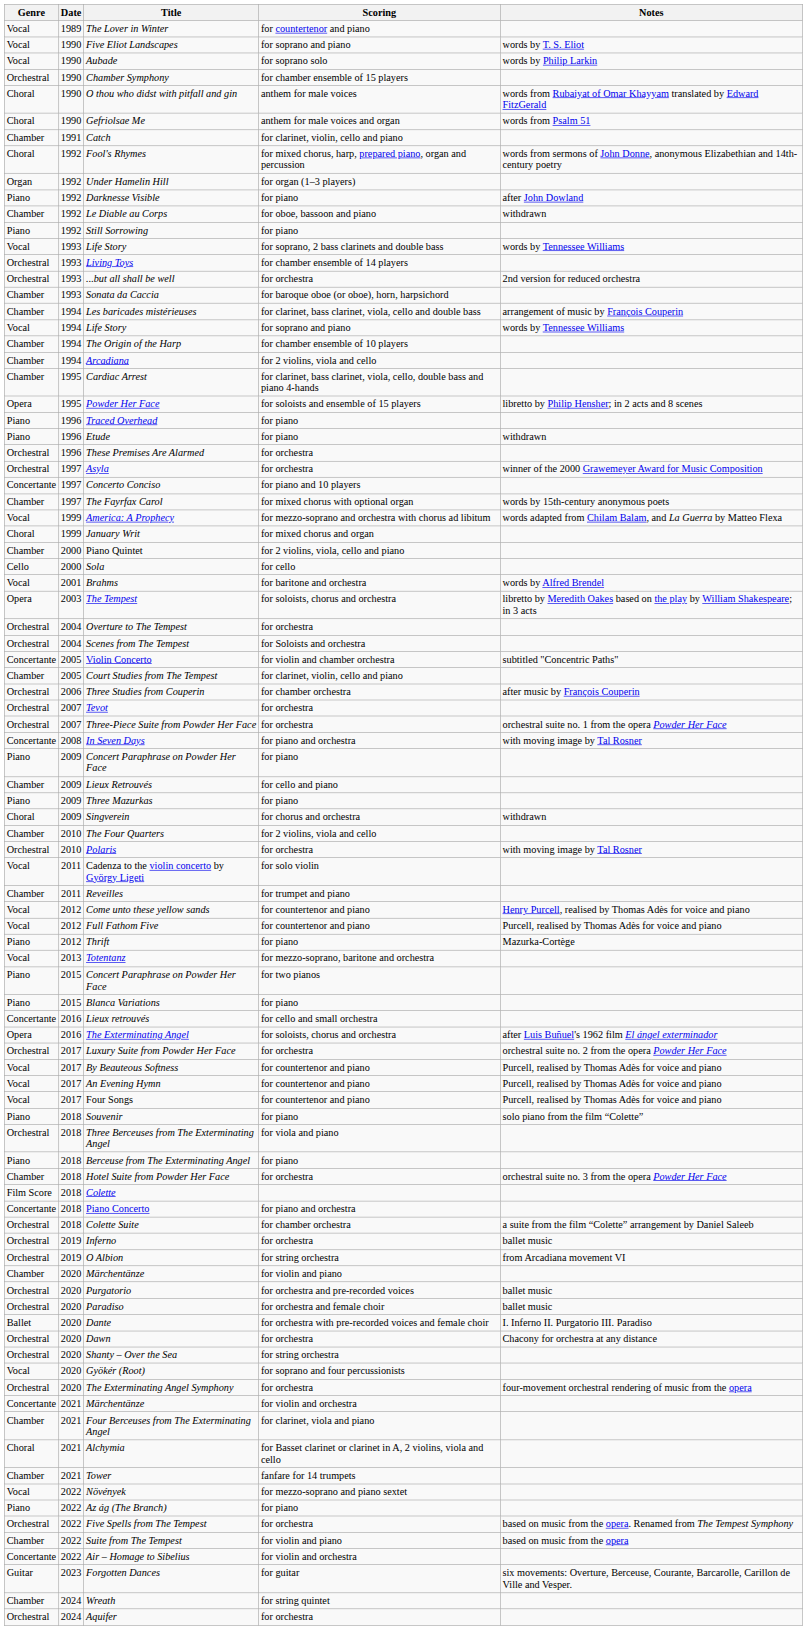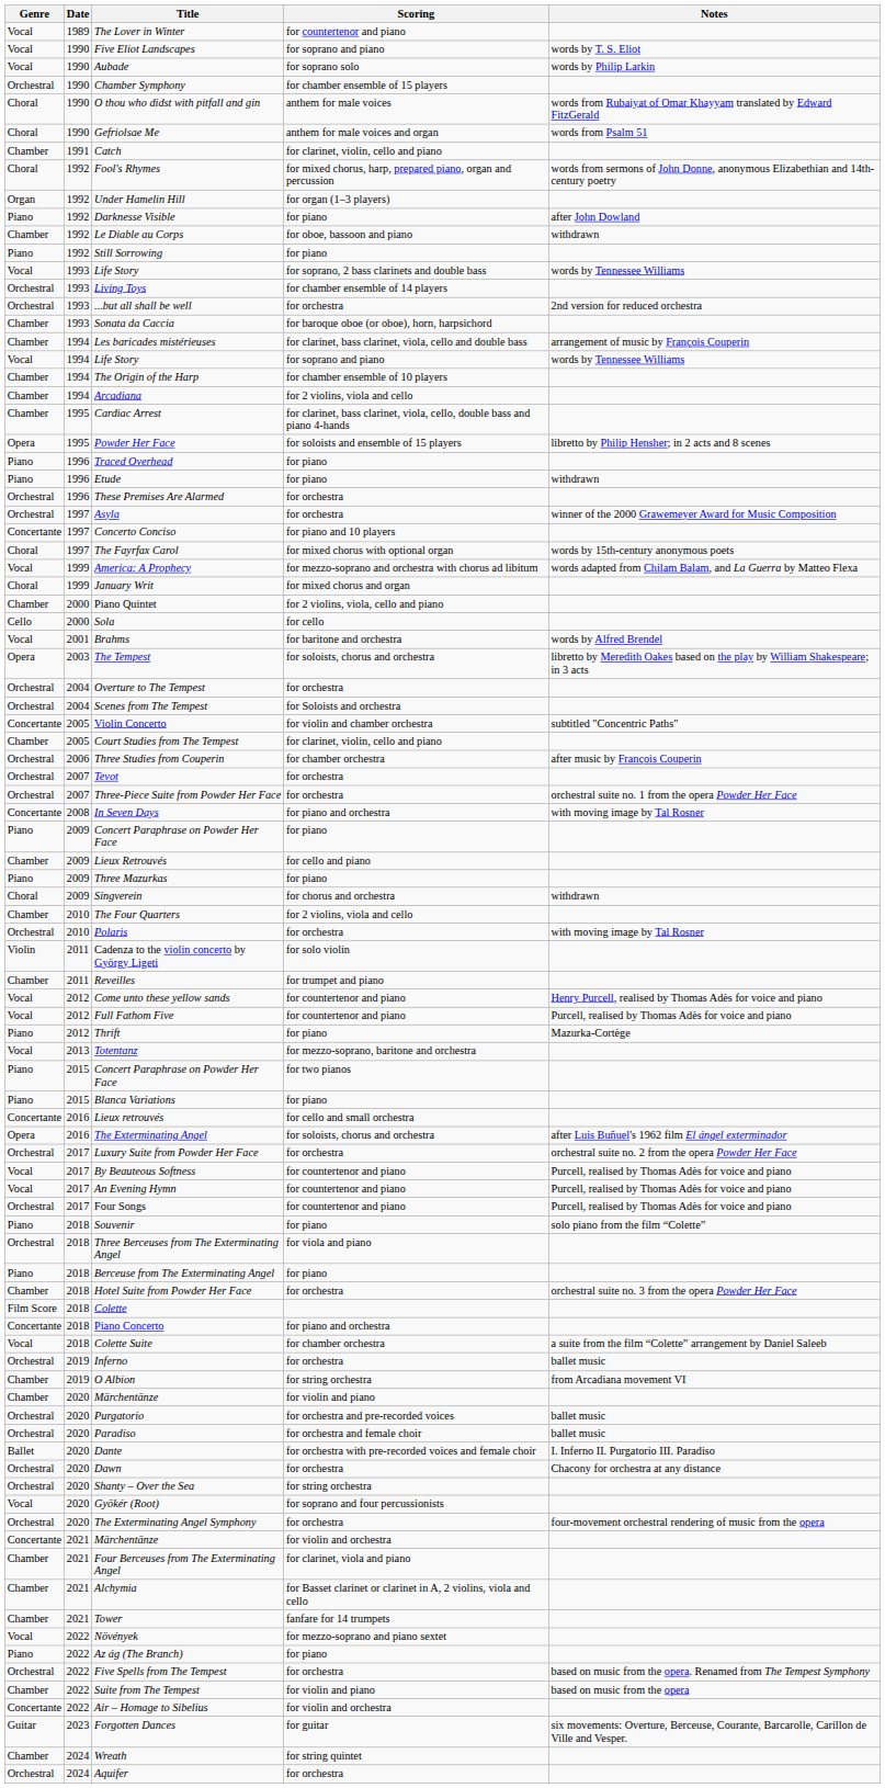 <table class="sortable wikitable" style="margins:auto; width=95%;">
 <tr>
 <th>Genre</th>
 <th>Date</th>
 <th>Title</th>
 <th>Scoring</th>
 <th>Notes</th>
 </tr>
 <tr valign="top">
 <td>Vocal</td>
 <td align=center>1989</td>
 <td><em>The Lover in Winter</em></td>
 <td>for <a href='#'>countertenor</a> and piano</td>
 <td></td>
 </tr>
 <tr valign="top">
 <td>Vocal</td>
 <td align=center>1990</td>
 <td><em>Five Eliot Landscapes</em></td>
 <td>for soprano and piano</td>
 <td>words by <a href='#'>T. S. Eliot</a></td>
 </tr>
 <tr valign="top">
 <td>Vocal</td>
 <td align=center>1990</td>
 <td><em>Aubade</em></td>
 <td>for soprano solo</td>
 <td>words by <a href='#'>Philip Larkin</a></td>
 </tr>
 <tr valign="top">
 <td>Orchestral</td>
 <td align=center>1990</td>
 <td><em>Chamber Symphony</em></td>
 <td>for chamber ensemble of 15 players</td>
 <td></td>
 </tr>
 <tr valign="top">
 <td>Choral</td>
 <td align=center>1990</td>
 <td><em>O thou who didst with pitfall and gin</em></td>
 <td>anthem for male voices</td>
 <td>words from <a href='#'>Rubaiyat of Omar Khayyam</a> translated by <a href='#'>Edward FitzGerald</a></td>
 </tr>
 <tr valign="top">
 <td>Choral</td>
 <td align=center>1990</td>
 <td><em>Gefriolsae Me</em></td>
 <td>anthem for male voices and organ</td>
 <td>words from <a href='#'>Psalm 51</a></td>
 </tr>
 <tr valign="top">
 <td>Chamber</td>
 <td align=center>1991</td>
 <td><em>Catch</em></td>
 <td>for clarinet, violin, cello and piano</td>
 <td></td>
 </tr>
 <tr valign="top">
 <td>Choral</td>
 <td align=center>1992</td>
 <td><em>Fool's Rhymes</em></td>
 <td>for mixed chorus, harp, <a href='#'>prepared piano</a>, organ and percussion</td>
 <td>words from sermons of <a href='#'>John Donne</a>, anonymous Elizabethian and 14th-century poetry</td>
 </tr>
 <tr valign="top">
 <td>Organ</td>
 <td align=center>1992</td>
 <td><em>Under Hamelin Hill</em></td>
 <td>for organ (1–3 players)</td>
 <td></td>
 </tr>
 <tr valign="top">
 <td>Piano</td>
 <td align=center>1992</td>
 <td><em>Darknesse Visible</em></td>
 <td>for piano</td>
 <td>after <a href='#'>John Dowland</a></td>
 </tr>
 <tr valign="top">
 <td>Chamber</td>
 <td align=center>1992</td>
 <td><em>Le Diable au Corps</em></td>
 <td>for oboe, bassoon and piano</td>
 <td>withdrawn</td>
 </tr>
 <tr valign="top">
 <td>Piano</td>
 <td align=center>1992</td>
 <td><em>Still Sorrowing</em></td>
 <td>for piano</td>
 <td></td>
 </tr>
 <tr valign="top">
 <td>Vocal</td>
 <td align=center>1993</td>
 <td><em>Life Story</em></td>
 <td>for soprano, 2 bass clarinets and double bass</td>
 <td>words by <a href='#'>Tennessee Williams</a></td>
 </tr>
 <tr valign="top">
 <td>Orchestral</td>
 <td align=center>1993</td>
 <td><em><a href='#'>Living Toys</a></em></td>
 <td>for chamber ensemble of 14 players</td>
 <td></td>
 </tr>
 <tr valign="top">
 <td>Orchestral</td>
 <td align=center>1993</td>
 <td><em>...but all shall be well</em></td>
 <td>for orchestra</td>
 <td>2nd version for reduced orchestra</td>
 </tr>
 <tr valign="top">
 <td>Chamber</td>
 <td align=center>1993</td>
 <td><em>Sonata da Caccia</em></td>
 <td>for baroque oboe (or oboe), horn, harpsichord</td>
 <td></td>
 </tr>
 <tr valign="top">
 <td>Chamber</td>
 <td align=center>1994</td>
 <td><em>Les baricades mistérieuses</em></td>
 <td>for clarinet, bass clarinet, viola, cello and double bass</td>
 <td>arrangement of music by <a href='#'>François Couperin</a></td>
 </tr>
 <tr valign="top">
 <td>Vocal</td>
 <td align=center>1994</td>
 <td><em>Life Story</em></td>
 <td>for soprano and piano</td>
 <td>words by <a href='#'>Tennessee Williams</a></td>
 </tr>
 <tr valign="top">
 <td>Chamber</td>
 <td align=center>1994</td>
 <td><em>The Origin of the Harp</em></td>
 <td>for chamber ensemble of 10 players</td>
 <td></td>
 </tr>
 <tr valign="top">
 <td>Chamber</td>
 <td align=center>1994</td>
 <td><em><a href='#'>Arcadiana</a></em></td>
 <td>for 2 violins, viola and cello</td>
 <td></td>
 </tr>
 <tr valign="top">
 <td>Chamber</td>
 <td align=center>1995</td>
 <td><em>Cardiac Arrest</em></td>
 <td>for clarinet, bass clarinet, viola, cello, double bass and piano 4-hands</td>
 <td></td>
 </tr>
 <tr valign="top">
 <td>Opera</td>
 <td align=center>1995</td>
 <td><em><a href='#'>Powder Her Face</a></em></td>
 <td>for soloists and ensemble of 15 players</td>
 <td>libretto by <a href='#'>Philip Hensher</a>; in 2 acts and 8 scenes</td>
 </tr>
 <tr valign="top">
 <td>Piano</td>
 <td align=center>1996</td>
 <td><em><a href='#'>Traced Overhead</a></em></td>
 <td>for piano</td>
 <td></td>
 </tr>
 <tr valign="top">
 <td>Piano</td>
 <td align=center>1996</td>
 <td><em>Etude</em></td>
 <td>for piano</td>
 <td>withdrawn</td>
 </tr>
 <tr valign="top">
 <td>Orchestral</td>
 <td align=center>1996</td>
 <td><em>These Premises Are Alarmed</em></td>
 <td>for orchestra</td>
 <td></td>
 </tr>
 <tr valign="top">
 <td>Orchestral</td>
 <td align=center>1997</td>
 <td><em><a href='#'>Asyla</a></em></td>
 <td>for orchestra</td>
 <td>winner of the 2000 <a href='#'>Grawemeyer Award for Music Composition</a></td>
 </tr>
 <tr valign="top">
 <td>Concertante</td>
 <td align=center>1997</td>
 <td><em>Concerto Conciso</em></td>
 <td>for piano and 10 players</td>
 <td></td>
 </tr>
 <tr valign="top">
-<td>Chamber</td>
+<td>Choral</td>
 <td align=center>1997</td>
 <td><em>The Fayrfax Carol</em></td>
 <td>for mixed chorus with optional organ</td>
 <td>words by 15th-century anonymous poets</td>
 </tr>
 <tr valign="top">
 <td>Vocal</td>
 <td align=center>1999</td>
 <td><em><a href='#'>America: A Prophecy</a></em></td>
 <td>for mezzo-soprano and orchestra with chorus ad libitum</td>
 <td>words adapted from <a href='#'>Chilam Balam</a>, and <em>La Guerra</em> by Matteo Flexa</td>
 </tr>
 <tr valign="top">
 <td>Choral</td>
 <td align=center>1999</td>
 <td><em>January Writ</em></td>
 <td>for mixed chorus and organ</td>
 <td></td>
 </tr>
 <tr valign="top">
 <td>Chamber</td>
 <td align=center>2000</td>
 <td>Piano Quintet</td>
 <td>for 2 violins, viola, cello and piano</td>
 <td></td>
 </tr>
 <tr valign="top">
 <td>Cello</td>
 <td align=center>2000</td>
 <td><em>Sola</em></td>
 <td>for cello</td>
 <td></td>
 </tr>
 <tr valign="top">
 <td>Vocal</td>
 <td align=center>2001</td>
 <td><em>Brahms</em></td>
 <td>for baritone and orchestra</td>
 <td>words by <a href='#'>Alfred Brendel</a></td>
 </tr>
 <tr valign="top">
 <td>Opera</td>
 <td align=center>2003</td>
 <td><em><a href='#'>The Tempest</a></em></td>
 <td>for soloists, chorus and orchestra</td>
 <td>libretto by <a href='#'>Meredith Oakes</a> based on <a href='#'>the play</a> by <a href='#'>William Shakespeare</a>; in 3 acts</td>
 </tr>
 <tr valign="top">
 <td>Orchestral</td>
 <td align=center>2004</td>
 <td><em>Overture to The Tempest</em></td>
 <td>for orchestra</td>
 <td></td>
 </tr>
 <tr valign="top">
 <td>Orchestral</td>
 <td align=center>2004</td>
 <td><em>Scenes from The Tempest</em></td>
 <td>for Soloists and orchestra</td>
 <td></td>
 </tr>
 <tr valign="top">
 <td>Concertante</td>
 <td align=center>2005</td>
 <td><a href='#'>Violin Concerto</a></td>
 <td>for violin and chamber orchestra</td>
 <td>subtitled "Concentric Paths"</td>
 </tr>
 <tr valign="top">
 <td>Chamber</td>
 <td align=center>2005</td>
 <td><em>Court Studies from The Tempest</em></td>
 <td>for clarinet, violin, cello and piano</td>
 <td></td>
 </tr>
 <tr valign="top">
 <td>Orchestral</td>
 <td align=center>2006</td>
 <td><em>Three Studies from Couperin</em></td>
 <td>for chamber orchestra</td>
 <td>after music by <a href='#'>François Couperin</a></td>
 </tr>
 <tr valign="top">
 <td>Orchestral</td>
 <td align=center>2007</td>
 <td><em><a href='#'>Tevot</a></em></td>
 <td>for orchestra</td>
 <td></td>
 </tr>
 <tr valign="top">
 <td>Orchestral</td>
 <td align=center>2007</td>
 <td><em>Three-Piece Suite from Powder Her Face</em></td>
 <td>for orchestra</td>
 <td>orchestral suite no. 1 from the opera <em><a href='#'>Powder Her Face</a></em></td>
 </tr>
 <tr valign="top">
 <td>Concertante</td>
 <td align=center>2008</td>
 <td><em><a href='#'>In Seven Days</a></em></td>
 <td>for piano and orchestra</td>
 <td>with moving image by <a href='#'>Tal Rosner</a></td>
 </tr>
 <tr valign="top">
 <td>Piano</td>
 <td align=center>2009</td>
 <td><em>Concert Paraphrase on Powder Her Face</em></td>
 <td>for piano</td>
 <td></td>
 </tr>
 <tr valign="top">
 <td>Chamber</td>
 <td align=center>2009</td>
 <td><em>Lieux Retrouvés</em></td>
 <td>for cello and piano</td>
 <td></td>
 </tr>
 <tr valign="top">
 <td>Piano</td>
 <td align=center>2009</td>
 <td><em>Three Mazurkas</em></td>
 <td>for piano</td>
 <td></td>
 </tr>
 <tr valign="top">
 <td>Choral</td>
 <td align=center>2009</td>
 <td><em>Singverein</em></td>
 <td>for chorus and orchestra</td>
 <td>withdrawn</td>
 </tr>
 <tr valign="top">
 <td>Chamber</td>
 <td align=center>2010</td>
 <td><em>The Four Quarters</em></td>
 <td>for 2 violins, viola and cello</td>
 <td></td>
 </tr>
 <tr valign="top">
 <td>Orchestral</td>
 <td align=center>2010</td>
 <td><em><a href='#'>Polaris</a></em></td>
 <td>for orchestra</td>
 <td>with moving image by <a href='#'>Tal Rosner</a></td>
 </tr>
 <tr valign="top">
-<td>Vocal</td>
+<td>Violin</td>
 <td align=center>2011</td>
 <td>Cadenza to the <a href='#'>violin concerto</a> by <a href='#'>György Ligeti</a></td>
 <td>for solo violin</td>
 <td></td>
 </tr>
 <tr valign="top">
 <td>Chamber</td>
 <td align=center>2011</td>
 <td><em>Reveilles</em></td>
 <td>for trumpet and piano</td>
 <td></td>
 </tr>
 <tr valign="top">
 <td>Vocal</td>
 <td align=center>2012</td>
 <td><em>Come unto these yellow sands</em></td>
 <td>for countertenor and piano</td>
 <td><a href='#'>Henry Purcell</a>, realised by Thomas Adès for voice and piano</td>
 </tr>
 <tr valign="top">
 <td>Vocal</td>
 <td align=center>2012</td>
 <td><em>Full Fathom Five</em></td>
 <td>for countertenor and piano</td>
 <td>Purcell, realised by Thomas Adès for voice and piano</td>
 </tr>
 <tr valign="top">
 <td>Piano</td>
 <td align=center>2012</td>
 <td><em>Thrift</em></td>
 <td>for piano</td>
 <td>Mazurka-Cortège</td>
 </tr>
 <tr valign="top">
 <td>Vocal</td>
 <td align=center>2013</td>
 <td><em><a href='#'>Totentanz</a></em></td>
 <td>for mezzo-soprano, baritone and orchestra</td>
 <td></td>
 </tr>
 <tr valign="top">
 <td>Piano</td>
 <td align=center>2015</td>
 <td><em>Concert Paraphrase on Powder Her Face</em></td>
 <td>for two pianos</td>
 <td></td>
 </tr>
 <tr valign="top">
 <td>Piano</td>
 <td align=center>2015</td>
 <td><em>Blanca Variations</em></td>
 <td>for piano</td>
 <td></td>
 </tr>
 <tr valign="top">
 <td>Concertante</td>
 <td align=center>2016</td>
 <td><em>Lieux retrouvés</em></td>
 <td>for cello and small orchestra</td>
 <td></td>
 </tr>
 <tr valign="top">
 <td>Opera</td>
 <td align=center>2016</td>
 <td><em><a href='#'>The Exterminating Angel</a></em></td>
 <td>for soloists, chorus and orchestra</td>
 <td>after <a href='#'>Luis Buñuel</a>'s 1962 film <em><a href='#'>El ángel exterminador</a></em></td>
 </tr>
 <tr valign="top">
 <td>Orchestral</td>
 <td align=center>2017</td>
 <td><em>Luxury Suite from Powder Her Face</em></td>
 <td>for orchestra</td>
 <td>orchestral suite no. 2 from the opera <em><a href='#'>Powder Her Face</a></em></td>
 </tr>
 <tr valign="top">
 <td>Vocal</td>
 <td align=center>2017</td>
 <td><em>By Beauteous Softness</em></td>
 <td>for countertenor and piano</td>
 <td>Purcell, realised by Thomas Adès for voice and piano</td>
 </tr>
 <tr valign="top">
 <td>Vocal</td>
 <td align=center>2017</td>
 <td><em>An Evening Hymn</em></td>
 <td>for countertenor and piano</td>
 <td>Purcell, realised by Thomas Adès for voice and piano</td>
 </tr>
 <tr valign="top">
-<td>Vocal</td>
+<td>Orchestral</td>
 <td align=center>2017</td>
 <td>Four Songs</td>
 <td>for countertenor and piano</td>
 <td>Purcell, realised by Thomas Adès for voice and piano</td>
 </tr>
 <tr valign="top">
 <td>Piano</td>
 <td align=center>2018</td>
 <td><em>Souvenir</em></td>
 <td>for piano</td>
 <td>solo piano from the film “Colette”</td>
 </tr>
 <tr valign="top">
 <td>Orchestral</td>
 <td align=center>2018</td>
 <td><em>Three Berceuses from The Exterminating Angel</em></td>
 <td>for viola and piano</td>
 <td></td>
 </tr>
 <tr valign="top">
 <td>Piano</td>
 <td align=center>2018</td>
 <td><em>Berceuse from The Exterminating Angel</em></td>
 <td>for piano</td>
 <td></td>
 </tr>
 <tr valign="top">
 <td>Chamber</td>
 <td align=center>2018</td>
 <td><em>Hotel Suite from Powder Her Face</em></td>
 <td>for orchestra</td>
 <td>orchestral suite no. 3 from the opera <em><a href='#'>Powder Her Face</a></em></td>
 </tr>
 <tr valign="top">
 <td>Film Score</td>
 <td align=center>2018</td>
 <td><em><a href='#'>Colette</a></em></td>
 <td> </td>
 <td> </td>
 </tr>
 <tr valign="top">
 <td>Concertante</td>
 <td align=center>2018</td>
 <td><a href='#'>Piano Concerto</a></td>
 <td>for piano and orchestra</td>
 <td></td>
 </tr>
 <tr valign="top">
-<td>Orchestral</td>
+<td>Vocal</td>
 <td align=center>2018</td>
 <td><em>Colette Suite</em></td>
 <td>for chamber orchestra</td>
 <td>a suite from the film “Colette” arrangement by Daniel Saleeb</td>
 </tr>
 <tr valign="top">
 <td>Orchestral</td>
 <td align=center>2019</td>
 <td><em>Inferno</em></td>
 <td>for orchestra</td>
 <td>ballet music</td>
 </tr>
 <tr valign="top">
-<td>Orchestral</td>
+<td>Chamber</td>
 <td align=center>2019</td>
 <td><em>O Albion</em></td>
 <td>for string orchestra</td>
 <td>from Arcadiana movement VI</td>
 </tr>
 <tr valign="top">
 <td>Chamber</td>
 <td align=center>2020</td>
 <td><em>Märchentänze</em></td>
 <td>for violin and piano</td>
 <td></td>
 </tr>
 <tr valign="top">
 <td>Orchestral</td>
 <td align=center>2020</td>
 <td><em>Purgatorio</em></td>
 <td>for orchestra and pre-recorded voices</td>
 <td>ballet music</td>
 </tr>
 <tr valign="top">
 <td>Orchestral</td>
 <td align=center>2020</td>
 <td><em>Paradiso</em></td>
 <td>for orchestra and female choir</td>
 <td>ballet music</td>
 </tr>
 <tr valign="top">
 <td>Ballet</td>
 <td align=center>2020</td>
 <td><em>Dante</em></td>
 <td>for orchestra with pre-recorded voices and female choir</td>
 <td>I. Inferno II. Purgatorio III. Paradiso</td>
 </tr>
 <tr valign="top">
 <td>Orchestral</td>
 <td align=center>2020</td>
 <td><em>Dawn</em></td>
 <td>for orchestra</td>
 <td>Chacony for orchestra at any distance</td>
 </tr>
 <tr valign="top">
 <td>Orchestral</td>
 <td align=center>2020</td>
 <td><em>Shanty – Over the Sea</em></td>
 <td>for string orchestra</td>
 <td></td>
 </tr>
 <tr valign="top">
 <td>Vocal</td>
 <td align=center>2020</td>
 <td><em>Gyökér (Root)</em></td>
 <td>for soprano and four percussionists</td>
 <td></td>
 </tr>
 <tr valign="top">
 <td>Orchestral</td>
 <td align=center>2020</td>
 <td><em>The Exterminating Angel Symphony</em></td>
 <td>for orchestra</td>
 <td>four-movement orchestral rendering of music from the <a href='#'>opera</a></td>
 </tr>
 <tr valign="top">
 <td>Concertante</td>
 <td align=center>2021</td>
 <td><em>Märchentänze</em></td>
 <td>for violin and orchestra</td>
 <td></td>
 </tr>
 <tr valign="top">
 <td>Chamber</td>
 <td align=center>2021</td>
 <td><em>Four Berceuses from The Exterminating Angel</em></td>
 <td>for clarinet, viola and piano</td>
 <td></td>
 </tr>
 <tr valign="top">
-<td>Choral</td>
+<td>Chamber</td>
 <td align=center>2021</td>
 <td><em>Alchymia</em></td>
 <td>for Basset clarinet or clarinet in A, 2 violins, viola and cello</td>
 <td></td>
 </tr>
 <tr valign="top">
 <td>Chamber</td>
 <td align=center>2021</td>
 <td><em>Tower</em></td>
 <td>fanfare for 14 trumpets</td>
 <td></td>
 </tr>
 <tr valign="top">
 <td>Vocal</td>
 <td align=center>2022</td>
 <td><em>Növények</em></td>
 <td>for mezzo-soprano and piano sextet</td>
 <td></td>
 </tr>
 <tr valign="top">
 <td>Piano</td>
 <td align=center>2022</td>
 <td><em>Az ág (The Branch)</em></td>
 <td>for piano</td>
 <td></td>
 </tr>
 <tr valign="top">
 <td>Orchestral</td>
 <td align=center>2022</td>
 <td><em>Five Spells from The Tempest</em></td>
 <td>for orchestra</td>
 <td>based on music from the <a href='#'>opera</a>. Renamed from <em>The Tempest Symphony</em></td>
 </tr>
 <tr valign="top">
 <td>Chamber</td>
 <td align=center>2022</td>
 <td><em>Suite from The Tempest</em></td>
 <td>for violin and piano</td>
 <td>based on music from the <a href='#'>opera</a></td>
 </tr>
 <tr valign="top">
 <td>Concertante</td>
 <td align=center>2022</td>
 <td><em>Air – Homage to Sibelius</em></td>
 <td>for violin and orchestra</td>
 <td></td>
 </tr>
 <tr valign="top">
 <td>Guitar</td>
 <td align=center>2023</td>
 <td><em>Forgotten Dances</em></td>
 <td>for guitar</td>
 <td>six movements: Overture, Berceuse, Courante, Barcarolle, Carillon de Ville and Vesper.</td>
 </tr>
 <tr valign="top">
 <td>Chamber</td>
 <td align=center>2024</td>
 <td><em>Wreath</em></td>
 <td>for string quintet</td>
 <td></td>
 </tr>
 <tr valign="top">
 <td>Orchestral</td>
 <td align=center>2024</td>
 <td><em>Aquifer</em></td>
 <td>for orchestra</td>
 <td></td>
 </tr>
 </table>
